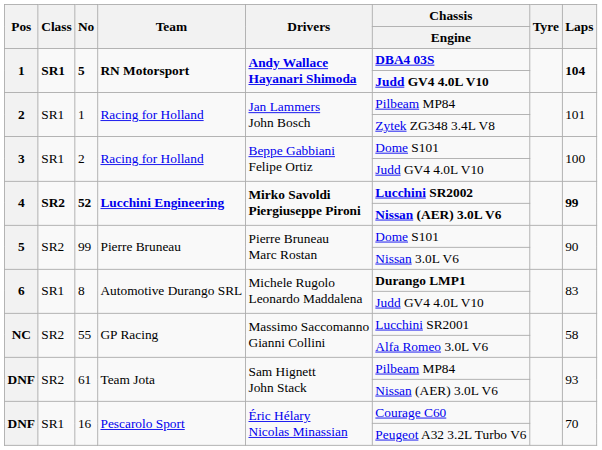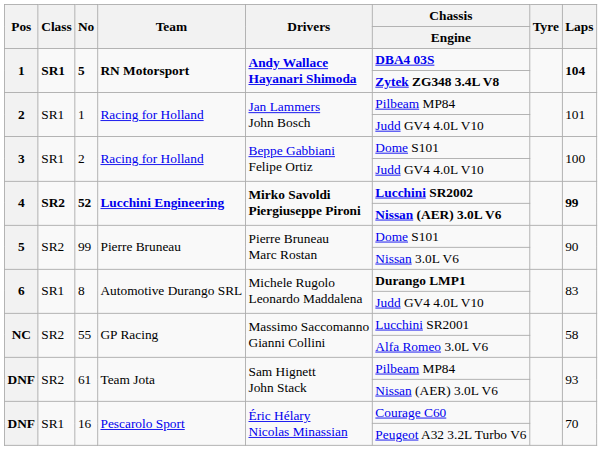 <table class="wikitable" style="font-size: 95%;">
 <tr>
 <th rowspan=2>Pos</th>
 <th rowspan=2>Class</th>
 <th rowspan=2>No</th>
 <th rowspan=2>Team</th>
 <th rowspan=2>Drivers</th>
 <th>Chassis</th>
 <th rowspan=2>Tyre</th>
 <th rowspan=2>Laps</th>
 </tr>
 <tr>
 <th>Engine</th>
 </tr>
 <tr style="font-weight:bold">
 <th rowspan=2>1</th>
 <td rowspan=2>SR1</td>
 <td rowspan=2>5</td>
 <td rowspan=2> RN Motorsport</td>
 <td rowspan=2> <a href='#'>Andy Wallace</a><br> <a href='#'>Hayanari Shimoda</a></td>
 <td><a href='#'>DBA4 03S</a></td>
 <td rowspan=2></td>
 <td rowspan=2>104</td>
 </tr>
 <tr style="font-weight:bold">
-<td><a href='#'>Judd</a> GV4 4.0L V10</td>
+<td><a href='#'>Zytek</a> ZG348 3.4L V8</td>
 </tr>
 <tr>
 <th rowspan=2>2</th>
 <td rowspan=2>SR1</td>
 <td rowspan=2>1</td>
 <td rowspan=2> <a href='#'>Racing for Holland</a></td>
 <td rowspan=2> <a href='#'>Jan Lammers</a><br> John Bosch</td>
 <td><a href='#'>Pilbeam</a> MP84</td>
 <td rowspan=2></td>
 <td rowspan=2>101</td>
 </tr>
 <tr>
-<td><a href='#'>Zytek</a> ZG348 3.4L V8</td>
+<td><a href='#'>Judd</a> GV4 4.0L V10</td>
 </tr>
 <tr>
 <th rowspan=2>3</th>
 <td rowspan=2>SR1</td>
 <td rowspan=2>2</td>
 <td rowspan=2> <a href='#'>Racing for Holland</a></td>
 <td rowspan=2> <a href='#'>Beppe Gabbiani</a><br> Felipe Ortiz</td>
 <td><a href='#'>Dome</a> S101</td>
 <td rowspan=2></td>
 <td rowspan=2>100</td>
 </tr>
 <tr>
 <td><a href='#'>Judd</a> GV4 4.0L V10</td>
 </tr>
 <tr style="font-weight:bold">
 <th rowspan=2>4</th>
 <td rowspan=2>SR2</td>
 <td rowspan=2>52</td>
 <td rowspan=2> <a href='#'>Lucchini Engineering</a></td>
 <td rowspan=2> Mirko Savoldi<br> Piergiuseppe Pironi</td>
 <td><a href='#'>Lucchini</a> SR2002</td>
 <td rowspan=2></td>
 <td rowspan=2>99</td>
 </tr>
 <tr style="font-weight:bold">
 <td><a href='#'>Nissan</a> (AER) 3.0L V6</td>
 </tr>
 <tr>
 <th rowspan=2>5</th>
 <td rowspan=2>SR2</td>
 <td rowspan=2>99</td>
 <td rowspan=2> Pierre Bruneau</td>
 <td rowspan=2> Pierre Bruneau<br> Marc Rostan</td>
 <td><a href='#'>Dome</a> S101</td>
 <td rowspan=2></td>
 <td rowspan=2>90</td>
 </tr>
 <tr>
 <td><a href='#'>Nissan</a> 3.0L V6</td>
 </tr>
 <tr>
 <th rowspan=2>6</th>
 <td rowspan=2>SR1</td>
 <td rowspan=2>8</td>
 <td rowspan=2> Automotive Durango SRL</td>
 <td rowspan=2> Michele Rugolo<br> Leonardo Maddalena</td>
 <td><strong>Durango LMP1</strong></td>
 <td rowspan=2></td>
 <td rowspan=2>83</td>
 </tr>
 <tr>
 <td><a href='#'>Judd</a> GV4 4.0L V10</td>
 </tr>
 <tr>
 <th rowspan=2>NC</th>
 <td rowspan=2>SR2</td>
 <td rowspan=2>55</td>
 <td rowspan=2> GP Racing</td>
 <td rowspan=2> Massimo Saccomanno<br> Gianni Collini</td>
 <td><a href='#'>Lucchini</a> SR2001</td>
 <td rowspan=2></td>
 <td rowspan=2>58</td>
 </tr>
 <tr>
 <td><a href='#'>Alfa Romeo</a> 3.0L V6</td>
 </tr>
 <tr>
 <th rowspan=2>DNF</th>
 <td rowspan=2>SR2</td>
 <td rowspan=2>61</td>
 <td rowspan=2> Team Jota</td>
 <td rowspan=2> Sam Hignett<br> John Stack</td>
 <td><a href='#'>Pilbeam</a> MP84</td>
 <td rowspan=2></td>
 <td rowspan=2>93</td>
 </tr>
 <tr>
 <td><a href='#'>Nissan</a> (AER) 3.0L V6</td>
 </tr>
 <tr>
 <th rowspan=2>DNF</th>
 <td rowspan=2>SR1</td>
 <td rowspan=2>16</td>
 <td rowspan=2> <a href='#'>Pescarolo Sport</a></td>
 <td rowspan=2> <a href='#'>Éric Hélary</a><br> <a href='#'>Nicolas Minassian</a></td>
 <td><a href='#'>Courage C60</a></td>
 <td rowspan=2></td>
 <td rowspan=2>70</td>
 </tr>
 <tr>
 <td><a href='#'>Peugeot</a> A32 3.2L Turbo V6</td>
 </tr>
 </table>
